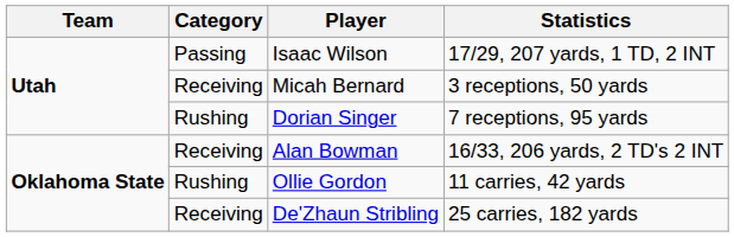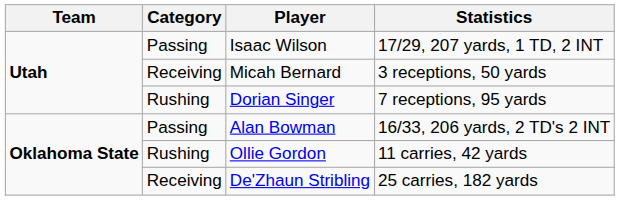 <table class="wikitable" style="float: right;">
 <tr>
 <th>Team</th>
 <th>Category</th>
 <th>Player</th>
 <th>Statistics</th>
 </tr>
 <tr>
 <td rowspan=3><strong>Utah</strong></td>
 <td>Passing</td>
 <td>Isaac Wilson</td>
 <td>17/29, 207 yards, 1 TD, 2 INT</td>
 </tr>
 <tr>
 <td>Receiving</td>
 <td>Micah Bernard</td>
 <td>3 receptions, 50 yards</td>
 </tr>
 <tr>
 <td>Rushing</td>
 <td><a href='#'>Dorian Singer</a></td>
 <td>7 receptions, 95 yards</td>
 </tr>
 <tr>
 <td rowspan=3><strong>Oklahoma State</strong></td>
-<td>Receiving</td>
+<td>Passing</td>
 <td><a href='#'>Alan Bowman</a></td>
 <td>16/33, 206 yards, 2 TD's 2 INT</td>
 </tr>
 <tr>
 <td>Rushing</td>
 <td><a href='#'>Ollie Gordon</a></td>
 <td>11 carries, 42 yards</td>
 </tr>
 <tr>
 <td>Receiving</td>
 <td><a href='#'>De'Zhaun Stribling</a></td>
 <td>25 carries, 182 yards</td>
 </tr>
 </table>
